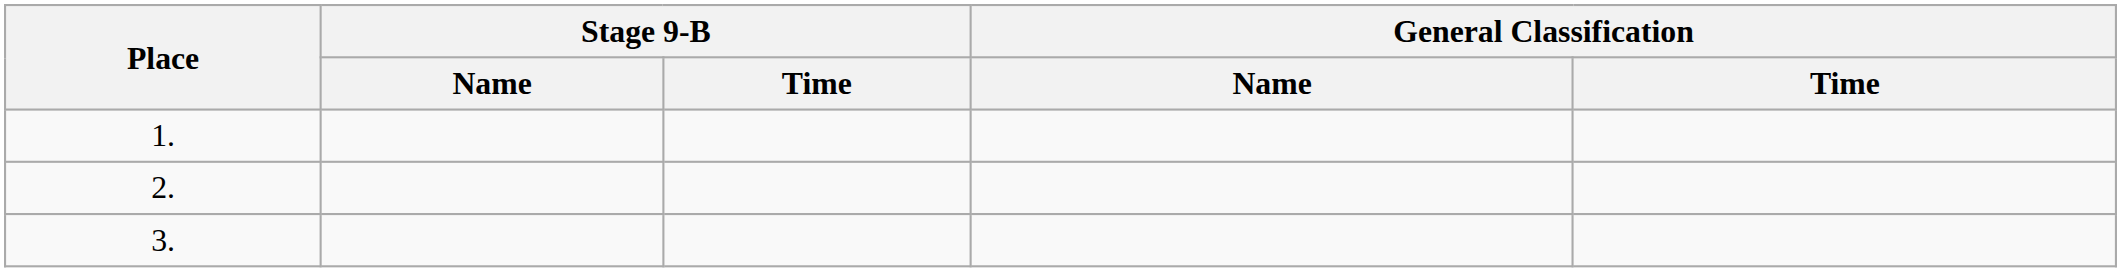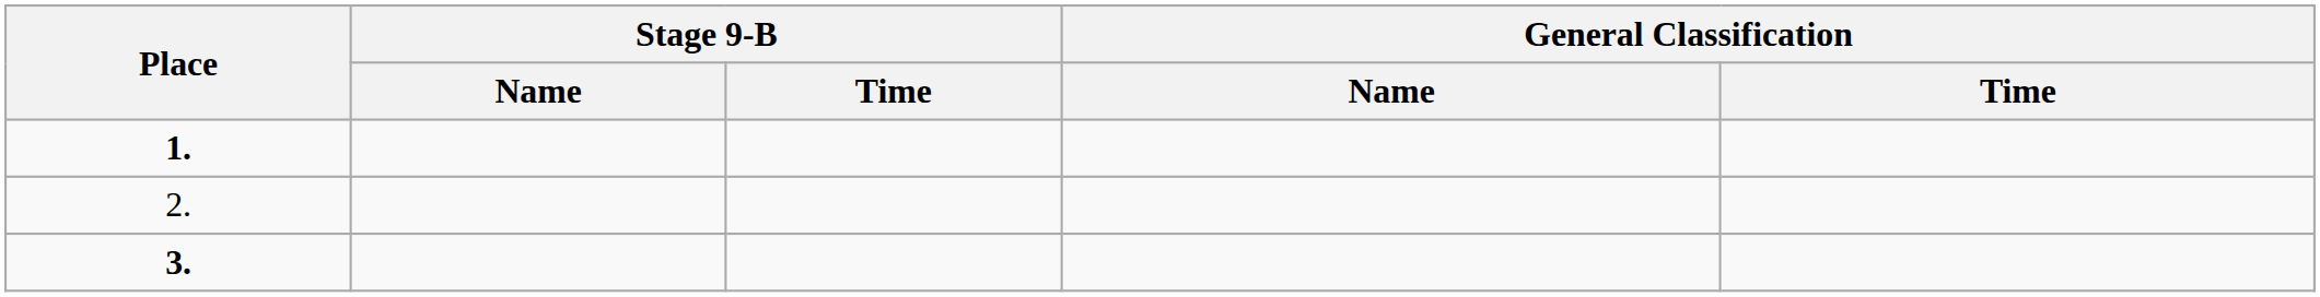 <table class=wikitable style="font-size:95%" width="80%">
 <tr>
 <th rowspan="2">Place</th>
 <th colspan="2">Stage 9-B</th>
 <th colspan="2">General Classification</th>
 </tr>
 <tr>
 <th>Name</th>
 <th>Time</th>
 <th>Name</th>
 <th>Time</th>
 </tr>
 <tr>
-<td align="center">1.</td>
+<td align="center"><strong>1.</strong></td>
 <td></td>
 <td></td>
 <td></td>
 <td></td>
 </tr>
 <tr>
 <td align="center">2.</td>
 <td></td>
 <td></td>
 <td></td>
 <td></td>
 </tr>
 <tr>
-<td align="center">3.</td>
+<td align="center"><strong>3.</strong></td>
 <td></td>
 <td></td>
 <td></td>
 <td></td>
 </tr>
 </table>
